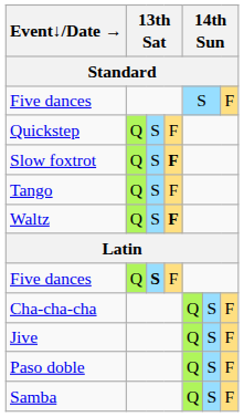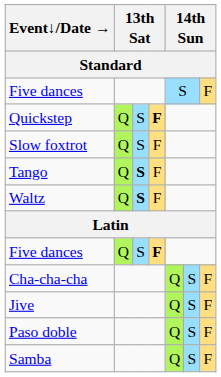 <table class="wikitable" style="margin:0.5em auto; font-size:90%; line-height:1.25em; text-align:center">
 <tr>
 <th>Event↓/Date →</th>
 <th colspan=3>13th<br>Sat</th>
 <th colspan=3>14th<br>Sun</th>
 </tr>
 <tr>
 <th colspan=7>Standard</th>
 </tr>
 <tr>
 <td align="left"><a href='#'>Five dances</a></td>
 <td colspan=3></td>
 <td colspan=2 bgcolor="#97DEFF">S</td>
 <td bgcolor="#FFDF80">F</td>
 </tr>
 <tr>
 <td align="left"><a href='#'>Quickstep</a></td>
 <td bgcolor="#AFF55B">Q</td>
 <td bgcolor="#97DEFF">S</td>
-<td bgcolor="#FFDF80">F</td>
+<td bgcolor="#FFDF80"><strong>F</strong></td>
 <td colspan=3></td>
 </tr>
 <tr>
 <td align="left"><a href='#'>Slow foxtrot</a></td>
 <td bgcolor="#AFF55B">Q</td>
 <td bgcolor="#97DEFF">S</td>
-<td bgcolor="#FFDF80"><strong>F</strong></td>
+<td bgcolor="#FFDF80">F</td>
 <td colspan=3></td>
 </tr>
 <tr>
 <td align="left"><a href='#'>Tango</a></td>
 <td bgcolor="#AFF55B">Q</td>
-<td bgcolor="#97DEFF">S</td>
+<td bgcolor="#97DEFF"><strong>S</strong></td>
 <td bgcolor="#FFDF80">F</td>
 <td colspan=3></td>
 </tr>
 <tr>
 <td align="left"><a href='#'>Waltz</a></td>
 <td bgcolor="#AFF55B">Q</td>
-<td bgcolor="#97DEFF">S</td>
-<td bgcolor="#FFDF80"><strong>F</strong></td>
+<td bgcolor="#97DEFF"><strong>S</strong></td>
+<td bgcolor="#FFDF80">F</td>
 <td colspan=3></td>
 </tr>
 <tr>
 <th colspan=7>Latin</th>
 </tr>
 <tr>
 <td align="left"><a href='#'>Five dances</a></td>
 <td bgcolor="#AFF55B">Q</td>
-<td bgcolor="#97DEFF"><strong>S</strong></td>
-<td bgcolor="#FFDF80">F</td>
+<td bgcolor="#97DEFF">S</td>
+<td bgcolor="#FFDF80"><strong>F</strong></td>
 <td colspan=3></td>
 </tr>
 <tr>
 <td align="left"><a href='#'>Cha-cha-cha</a></td>
 <td colspan=3></td>
 <td bgcolor="#AFF55B">Q</td>
 <td bgcolor="#97DEFF">S</td>
 <td bgcolor="#FFDF80">F</td>
 </tr>
 <tr>
 <td align="left"><a href='#'>Jive</a></td>
 <td colspan=3></td>
 <td bgcolor="#AFF55B">Q</td>
 <td bgcolor="#97DEFF">S</td>
 <td bgcolor="#FFDF80">F</td>
 </tr>
 <tr>
 <td align="left"><a href='#'>Paso doble</a></td>
 <td colspan=3></td>
 <td bgcolor="#AFF55B">Q</td>
 <td bgcolor="#97DEFF">S</td>
 <td bgcolor="#FFDF80">F</td>
 </tr>
 <tr>
 <td align="left"><a href='#'>Samba</a></td>
 <td colspan=3></td>
 <td bgcolor="#AFF55B">Q</td>
 <td bgcolor="#97DEFF">S</td>
 <td bgcolor="#FFDF80">F</td>
 </tr>
 </table>
